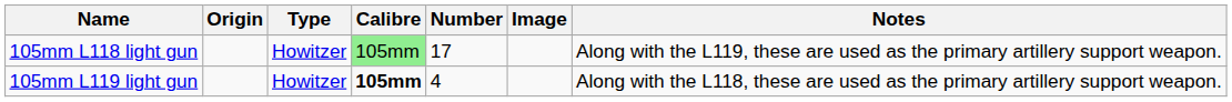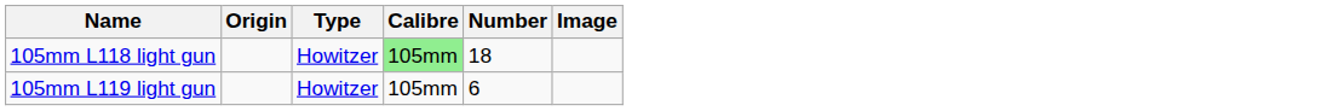 <table class="wikitable">
 <tr>
 <th style="align: center;">Name</th>
 <th>Origin</th>
 <th>Type</th>
 <th>Calibre</th>
 <th>Number</th>
 <th>Image</th>
-<th>Notes</th>
 </tr>
 <tr>
 <td><a href='#'>105mm L118 light gun</a></td>
 <td></td>
 <td><a href='#'>Howitzer</a></td>
 <td style="background: lightgreen;">105mm</td>
-<td>17</td>
+<td>18</td>
 <td></td>
-<td>Along with the L119, these are used as the primary artillery support weapon.</td>
 </tr>
 <tr>
 <td><a href='#'>105mm L119 light gun</a></td>
 <td></td>
 <td><a href='#'>Howitzer</a></td>
-<td><strong>105mm</strong></td>
-<td>4</td>
+<td>105mm</td>
+<td>6</td>
 <td></td>
-<td>Along with the L118, these are used as the primary artillery support weapon.</td>
 </tr>
 </table>
